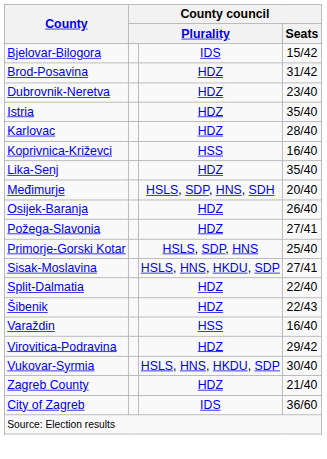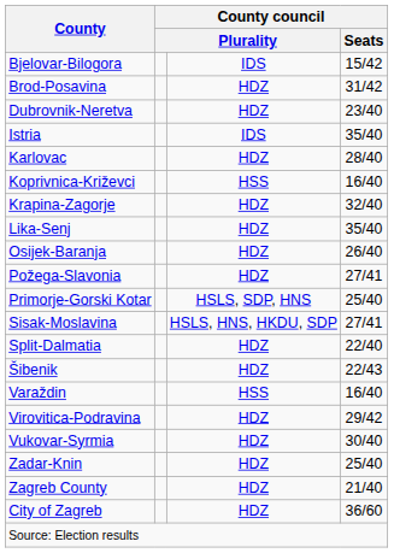 <table class="wikitable">
 <tr>
 <th rowspan="2"><a href='#'>County</a></th>
 <th colspan="3">County council</th>
 </tr>
 <tr>
 <th colspan="2"><a href='#'>Plurality</a></th>
 <th>Seats</th>
 </tr>
 <tr>
 <td><a href='#'>Bjelovar-Bilogora</a></td>
 <td width="5px" style="background-color:"></td>
 <td style="text-align:center;"><a href='#'>IDS</a></td>
 <td style="text-align:center;">15/42</td>
 </tr>
 <tr>
 <td><a href='#'>Brod-Posavina</a></td>
 <td width="5px" style="background-color:"></td>
 <td style="text-align:center;"><a href='#'>HDZ</a></td>
 <td style="text-align:center;">31/42</td>
 </tr>
 <tr>
 <td><a href='#'>Dubrovnik-Neretva</a></td>
 <td width="5px" style="background-color:"></td>
 <td style="text-align:center;"><a href='#'>HDZ</a></td>
 <td style="text-align:center;">23/40</td>
 </tr>
 <tr>
 <td><a href='#'>Istria</a></td>
 <td width="5px" style="background-color:"></td>
-<td style="text-align:center;"><a href='#'>HDZ</a></td>
+<td style="text-align:center;"><a href='#'>IDS</a></td>
 <td style="text-align:center;">35/40</td>
 </tr>
 <tr>
 <td><a href='#'>Karlovac</a></td>
 <td width="5px" style="background-color:"></td>
 <td style="text-align:center;"><a href='#'>HDZ</a></td>
 <td style="text-align:center;">28/40</td>
 </tr>
 <tr>
 <td><a href='#'>Koprivnica-Križevci</a></td>
 <td width="5px" style="background-color:"></td>
 <td style="text-align:center;"><a href='#'>HSS</a></td>
 <td style="text-align:center;">16/40</td>
 </tr>
 <tr>
+<td><a href='#'>Krapina-Zagorje</a></td>
+<td width="5px" style="background-color:"></td>
+<td style="text-align:center;"><a href='#'>HDZ</a></td>
+<td style="text-align:center;">32/40</td>
+</tr>
+<tr>
 <td><a href='#'>Lika-Senj</a></td>
 <td width="5px" style="background-color:"></td>
 <td style="text-align:center;"><a href='#'>HDZ</a></td>
 <td style="text-align:center;">35/40</td>
-</tr>
-<tr>
-<td><a href='#'>Međimurje</a></td>
-<td width="5px" style="background-color:"></td>
-<td style="text-align:center;"><a href='#'>HSLS</a>, <a href='#'>SDP</a>, <a href='#'>HNS</a>, <a href='#'>SDH</a></td>
-<td style="text-align:center;">20/40</td>
 </tr>
 <tr>
 <td><a href='#'>Osijek-Baranja</a></td>
 <td width="5px" style="background-color:"></td>
 <td style="text-align:center;"><a href='#'>HDZ</a></td>
 <td style="text-align:center;">26/40</td>
 </tr>
 <tr>
 <td><a href='#'>Požega-Slavonia</a></td>
 <td width="5px" style="background-color:"></td>
 <td style="text-align:center;"><a href='#'>HDZ</a></td>
 <td style="text-align:center;">27/41</td>
 </tr>
 <tr>
 <td><a href='#'>Primorje-Gorski Kotar</a></td>
 <td width="5px" style="background-color:"></td>
 <td style="text-align:center;"><a href='#'>HSLS</a>, <a href='#'>SDP</a>, <a href='#'>HNS</a></td>
 <td style="text-align:center;">25/40</td>
 </tr>
 <tr>
 <td><a href='#'>Sisak-Moslavina</a></td>
 <td width="5px" style="background-color:"></td>
 <td style="text-align:center;"><a href='#'>HSLS</a>, <a href='#'>HNS</a>, <a href='#'>HKDU</a>, <a href='#'>SDP</a></td>
 <td style="text-align:center;">27/41</td>
 </tr>
 <tr>
 <td><a href='#'>Split-Dalmatia</a></td>
 <td width="5px" style="background-color:"></td>
 <td style="text-align:center;"><a href='#'>HDZ</a></td>
 <td style="text-align:center;">22/40</td>
 </tr>
 <tr>
 <td><a href='#'>Šibenik</a></td>
 <td width="5px" style="background-color:"></td>
 <td style="text-align:center;"><a href='#'>HDZ</a></td>
 <td style="text-align:center;">22/43</td>
 </tr>
 <tr>
 <td><a href='#'>Varaždin</a></td>
 <td width="5px" style="background-color:"></td>
 <td style="text-align:center;"><a href='#'>HSS</a></td>
 <td style="text-align:center;">16/40</td>
 </tr>
 <tr>
 <td><a href='#'>Virovitica-Podravina</a></td>
 <td width="5px" style="background-color:"></td>
 <td style="text-align:center;"><a href='#'>HDZ</a></td>
 <td style="text-align:center;">29/42</td>
 </tr>
 <tr>
 <td><a href='#'>Vukovar-Syrmia</a></td>
 <td width="5px" style="background-color:"></td>
-<td style="text-align:center;"><a href='#'>HSLS</a>, <a href='#'>HNS</a>, <a href='#'>HKDU</a>, <a href='#'>SDP</a></td>
+<td style="text-align:center;"><a href='#'>HDZ</a></td>
 <td style="text-align:center;">30/40</td>
+</tr>
+<tr>
+<td><a href='#'>Zadar-Knin</a></td>
+<td width="5px" style="background-color:"></td>
+<td style="text-align:center;"><a href='#'>HDZ</a></td>
+<td style="text-align:center;">25/40</td>
 </tr>
 <tr>
 <td><a href='#'>Zagreb County</a></td>
 <td width="5px" style="background-color:"></td>
 <td style="text-align:center;"><a href='#'>HDZ</a></td>
 <td style="text-align:center;">21/40</td>
 </tr>
 <tr>
 <td><a href='#'>City of Zagreb</a></td>
 <td width="5px" style="background-color:"></td>
-<td style="text-align:center;"><a href='#'>IDS</a></td>
+<td style="text-align:center;"><a href='#'>HDZ</a></td>
 <td style="text-align:center;">36/60</td>
 </tr>
 <tr>
 <td colspan="4"><small>Source: Election results</small></td>
 </tr>
 </table>
